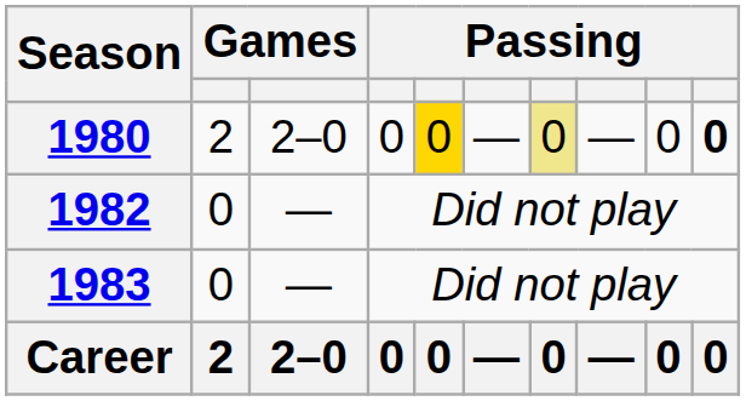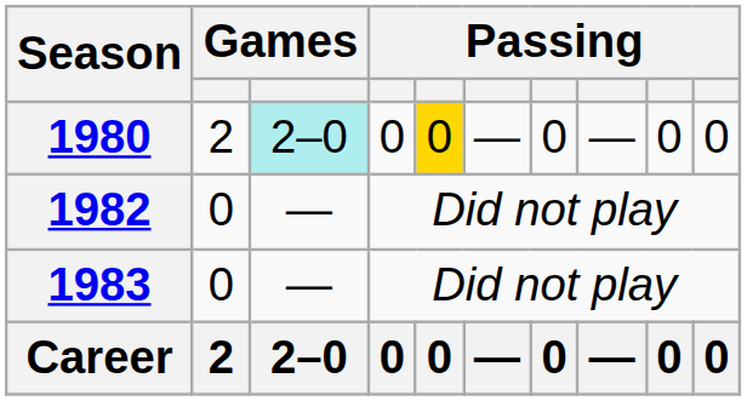 <table class="wikitable" style="text-align:center;">
 <tr>
 <th rowspan="2">Season</th>
 <th colspan="2">Games</th>
 <th colspan="7">Passing</th>
 </tr>
 <tr>
 <th></th>
 <th></th>
 <th></th>
 <th></th>
 <th></th>
 <th></th>
 <th></th>
 <th></th>
 <th></th>
 </tr>
 <tr>
 <th><a href='#'>1980</a></th>
 <td>2</td>
-<td>2–0</td>
+<td style="background: paleturquoise;">2–0</td>
 <td>0</td>
 <td style="background: gold;">0</td>
 <td>—</td>
-<td style="background: khaki;">0</td>
+<td>0</td>
 <td>—</td>
 <td>0</td>
-<td><strong>0</strong></td>
+<td>0</td>
 </tr>
 <tr>
 <th><a href='#'>1982</a></th>
 <td>0</td>
 <td>—</td>
 <td colspan="7"><em>Did not play</em></td>
 </tr>
 <tr>
 <th><a href='#'>1983</a></th>
 <td>0</td>
 <td>—</td>
 <td colspan="7"><em>Did not play</em></td>
 </tr>
 <tr>
 <th>Career</th>
 <th>2</th>
 <th>2–0</th>
 <th>0</th>
 <th>0</th>
 <th>—</th>
 <th>0</th>
 <th>—</th>
 <th>0</th>
 <th>0</th>
 </tr>
 </table>
